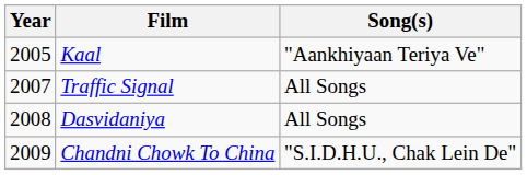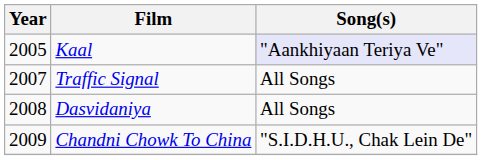 <table class="wikitable sortable">
 <tr>
 <th>Year</th>
 <th>Film</th>
 <th>Song(s)</th>
 </tr>
 <tr>
 <td>2005</td>
 <td><em><a href='#'>Kaal</a></em></td>
-<td>"Aankhiyaan Teriya Ve"</td>
+<td style="background: lavender;">"Aankhiyaan Teriya Ve"</td>
 </tr>
 <tr>
 <td>2007</td>
 <td><em><a href='#'>Traffic Signal</a></em></td>
 <td>All Songs</td>
 </tr>
 <tr>
 <td>2008</td>
 <td><em><a href='#'>Dasvidaniya</a></em></td>
 <td>All Songs</td>
 </tr>
 <tr>
 <td>2009</td>
 <td><em><a href='#'>Chandni Chowk To China</a></em></td>
 <td>"S.I.D.H.U., Chak Lein De"</td>
 </tr>
 <tr>
 </tr>
 </table>
